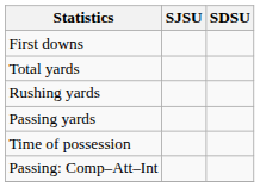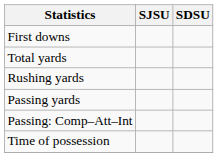 <table class="wikitable" style="float: left;">
 <tr>
 <th>Statistics</th>
 <th>SJSU</th>
 <th>SDSU</th>
 </tr>
 <tr>
 <td>First downs</td>
 <td></td>
 <td></td>
 </tr>
 <tr>
 <td>Total yards</td>
 <td></td>
 <td></td>
 </tr>
 <tr>
 <td>Rushing yards</td>
 <td></td>
 <td></td>
 </tr>
 <tr>
 <td>Passing yards</td>
 <td></td>
 <td></td>
 </tr>
 <tr>
-<td>Time of possession</td>
+<td>Passing: Comp–Att–Int</td>
 <td></td>
 <td></td>
 </tr>
 <tr>
-<td>Passing: Comp–Att–Int</td>
+<td>Time of possession</td>
 <td></td>
 <td></td>
 </tr>
 <tr>
 </tr>
 </table>
